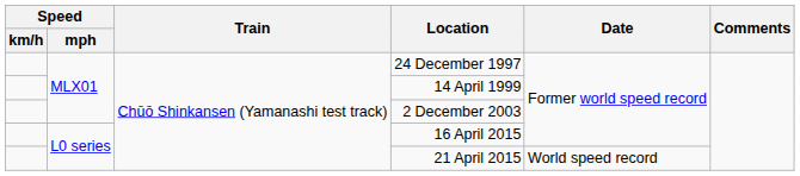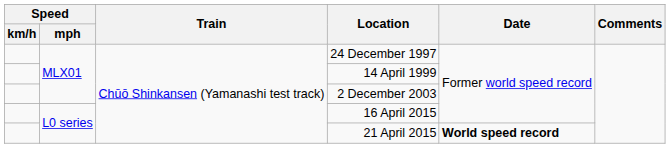 <table class="wikitable">
 <tr>
 <th colspan=2>Speed</th>
 <th rowspan=2>Train</th>
 <th rowspan=2>Location</th>
 <th rowspan=2>Date</th>
 <th rowspan=2>Comments</th>
 </tr>
 <tr>
 <th>km/h</th>
 <th>mph</th>
 </tr>
 <tr>
 <td></td>
 <td rowspan=3><a href='#'>MLX01</a></td>
 <td rowspan=5><a href='#'>Chūō Shinkansen</a> (Yamanashi test track)</td>
 <td align=right>24 December 1997</td>
 <td rowspan=4>Former <a href='#'>world speed record</a></td>
 </tr>
 <tr>
 <td></td>
 <td align=right>14 April 1999</td>
 </tr>
 <tr>
 <td></td>
 <td align=right>2 December 2003</td>
 </tr>
 <tr>
 <td></td>
 <td rowspan=2><a href='#'>L0 series</a></td>
 <td align=right>16 April 2015</td>
 </tr>
 <tr>
 <td></td>
 <td align=right>21 April 2015</td>
-<td>World speed record</td>
+<td><strong>World speed record</strong></td>
 </tr>
 </table>
